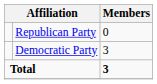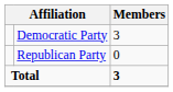 <table class="wikitable">
 <tr>
 <th colspan="2">Affiliation</th>
 <th>Members</th>
 </tr>
 <tr>
 <td style="background-color:"> </td>
-<td><a href='#'>Republican Party</a></td>
-<td>0</td>
+<td><a href='#'>Democratic Party</a></td>
+<td>3</td>
 </tr>
 <tr>
 <td style="background-color:"> </td>
-<td><a href='#'>Democratic Party</a></td>
-<td>3</td>
+<td><a href='#'>Republican Party</a></td>
+<td>0</td>
 </tr>
 <tr>
 <td colspan="2" rowspan="1"> <strong>Total</strong><br></td>
 <td><strong>3</strong></td>
 </tr>
 <tr>
 </tr>
 </table>
